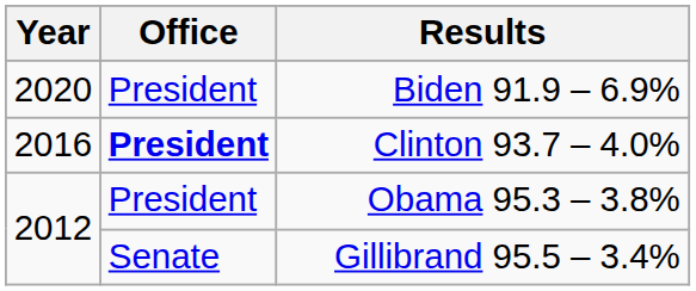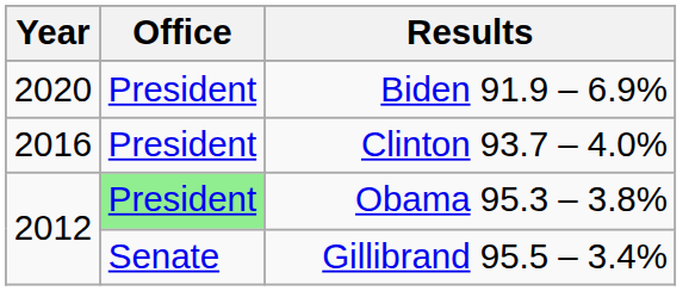 <table class=wikitable>
 <tr>
 <th width="30">Year</th>
 <th width="60">Office</th>
 <th width="180">Results</th>
 </tr>
 <tr>
 <td>2020</td>
 <td><a href='#'>President</a></td>
 <td align="right" ><a href='#'>Biden</a> 91.9 – 6.9%</td>
 </tr>
 <tr>
 <td>2016</td>
-<td><strong><a href='#'>President</a></strong></td>
+<td><a href='#'>President</a></td>
 <td align="right" ><a href='#'>Clinton</a> 93.7 – 4.0%</td>
 </tr>
 <tr>
 <td rowspan="2">2012</td>
-<td><a href='#'>President</a></td>
+<td style="background: lightgreen;"><a href='#'>President</a></td>
 <td align="right" ><a href='#'>Obama</a> 95.3 – 3.8%</td>
 </tr>
 <tr>
 <td><a href='#'>Senate</a></td>
 <td align="right" ><a href='#'>Gillibrand</a> 95.5 – 3.4%</td>
 </tr>
 </table>
